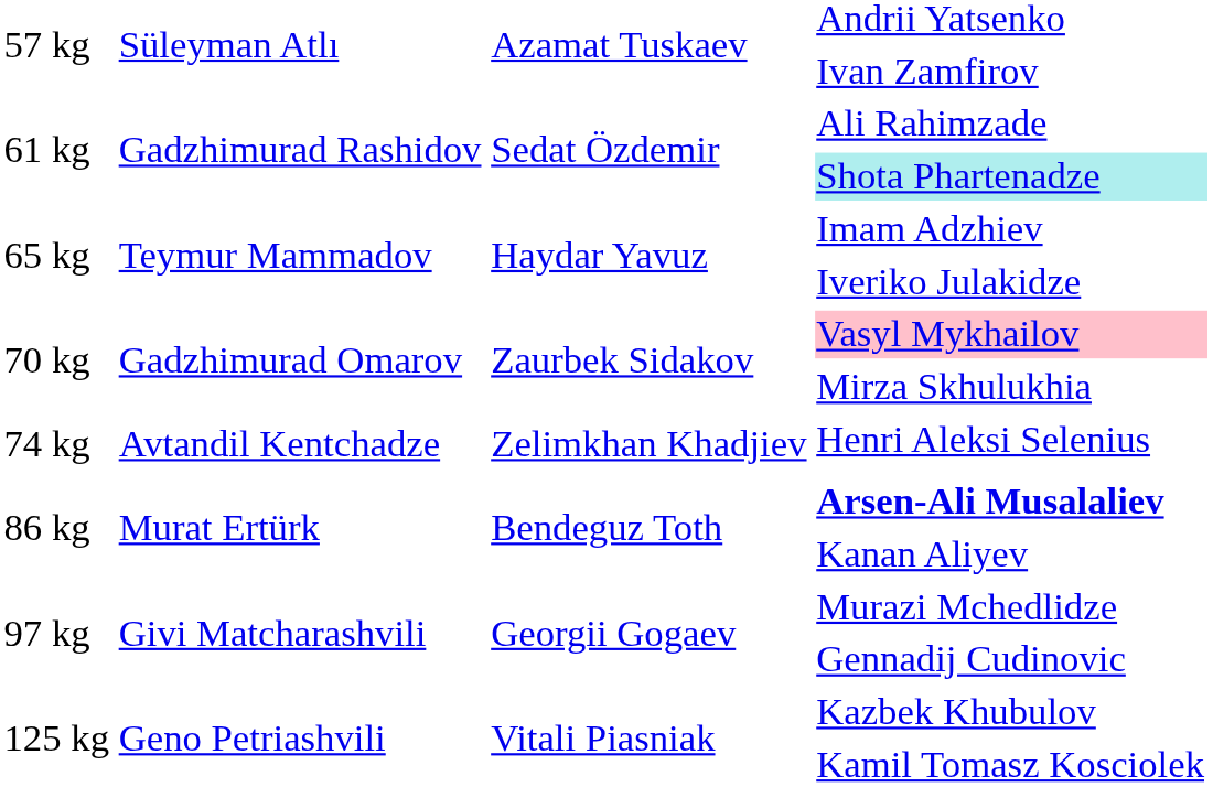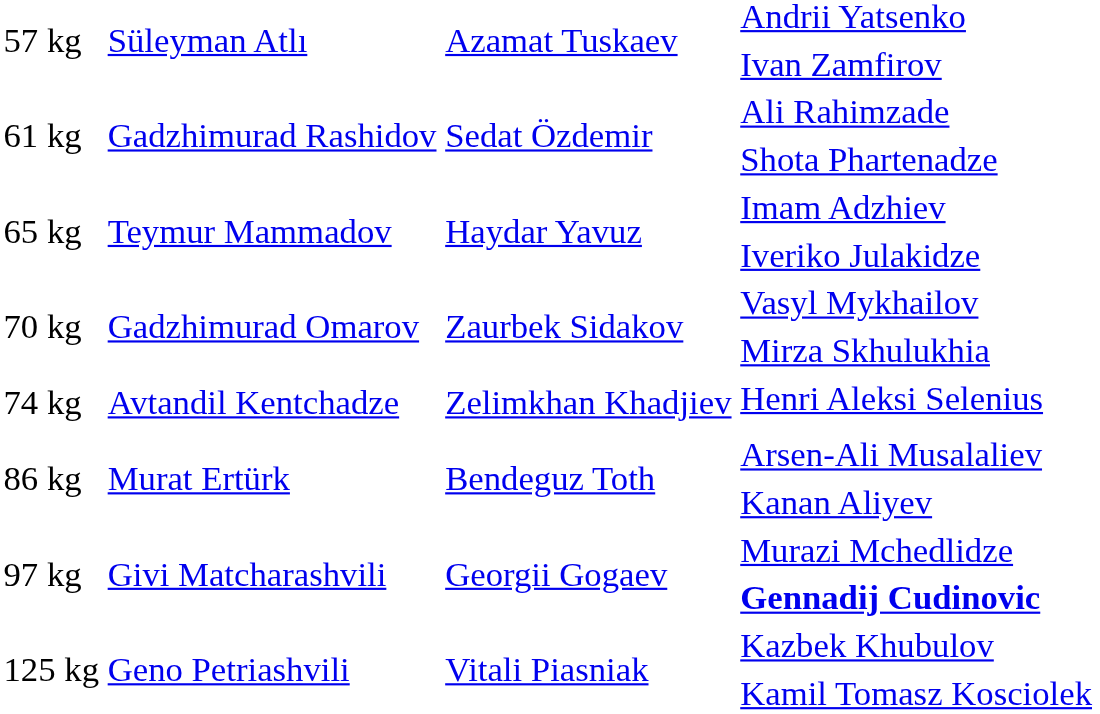 <table>
 <tr>
 <td rowspan=2>57 kg</td>
 <td rowspan=2> <a href='#'>Süleyman Atlı</a></td>
 <td rowspan=2> <a href='#'>Azamat Tuskaev</a></td>
 <td> <a href='#'>Andrii Yatsenko</a></td>
 </tr>
 <tr>
 <td> <a href='#'>Ivan Zamfirov</a></td>
 </tr>
 <tr>
 <td rowspan=2>61 kg</td>
 <td rowspan=2> <a href='#'>Gadzhimurad Rashidov</a></td>
 <td rowspan=2> <a href='#'>Sedat Özdemir</a></td>
 <td> <a href='#'>Ali Rahimzade</a></td>
 </tr>
 <tr>
-<td style="background: paleturquoise;"> <a href='#'>Shota Phartenadze</a></td>
+<td> <a href='#'>Shota Phartenadze</a></td>
 </tr>
 <tr>
 <td rowspan=2>65 kg</td>
 <td rowspan=2> <a href='#'>Teymur Mammadov</a></td>
 <td rowspan=2> <a href='#'>Haydar Yavuz</a></td>
 <td> <a href='#'>Imam Adzhiev</a></td>
 </tr>
 <tr>
 <td> <a href='#'>Iveriko Julakidze</a></td>
 </tr>
 <tr>
 <td rowspan=2>70 kg</td>
 <td rowspan=2> <a href='#'>Gadzhimurad Omarov</a></td>
 <td rowspan=2> <a href='#'>Zaurbek Sidakov</a></td>
-<td style="background: pink;"> <a href='#'>Vasyl Mykhailov</a></td>
+<td> <a href='#'>Vasyl Mykhailov</a></td>
 </tr>
 <tr>
 <td> <a href='#'>Mirza Skhulukhia</a></td>
 </tr>
 <tr>
 <td rowspan=2>74 kg</td>
 <td rowspan=2> <a href='#'>Avtandil Kentchadze</a></td>
 <td rowspan=2> <a href='#'>Zelimkhan Khadjiev</a></td>
 <td> <a href='#'>Henri Aleksi Selenius</a></td>
 </tr>
 <tr>
 <td></td>
 </tr>
 <tr>
 <td rowspan=2>86 kg</td>
 <td rowspan=2> <a href='#'>Murat Ertürk</a></td>
 <td rowspan=2> <a href='#'>Bendeguz Toth</a></td>
-<td><strong> <a href='#'>Arsen-Ali Musalaliev</a></strong></td>
+<td> <a href='#'>Arsen-Ali Musalaliev</a></td>
 </tr>
 <tr>
 <td> <a href='#'>Kanan Aliyev</a></td>
 </tr>
 <tr>
 <td rowspan=2>97 kg</td>
 <td rowspan=2> <a href='#'>Givi Matcharashvili</a></td>
 <td rowspan=2> <a href='#'>Georgii Gogaev</a></td>
 <td> <a href='#'>Murazi Mchedlidze</a></td>
 </tr>
 <tr>
-<td> <a href='#'>Gennadij Cudinovic</a></td>
+<td><strong> <a href='#'>Gennadij Cudinovic</a></strong></td>
 </tr>
 <tr>
 <td rowspan=2>125 kg</td>
 <td rowspan=2> <a href='#'>Geno Petriashvili</a></td>
 <td rowspan=2> <a href='#'>Vitali Piasniak</a></td>
 <td> <a href='#'>Kazbek Khubulov</a></td>
 </tr>
 <tr>
 <td> <a href='#'>Kamil Tomasz Kosciolek</a></td>
 </tr>
 </table>
